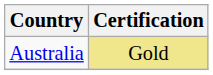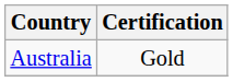 <table class="wikitable">
 <tr>
 <th style="text-align:center;">Country</th>
 <th style="text-align:center;">Certification</th>
 </tr>
 <tr>
 <td style="text-align:center;"><a href='#'>Australia</a></td>
-<td style="background: khaki; text-align:center;">Gold</td>
+<td style="text-align:center;">Gold</td>
 </tr>
 <tr>
 </tr>
 </table>
